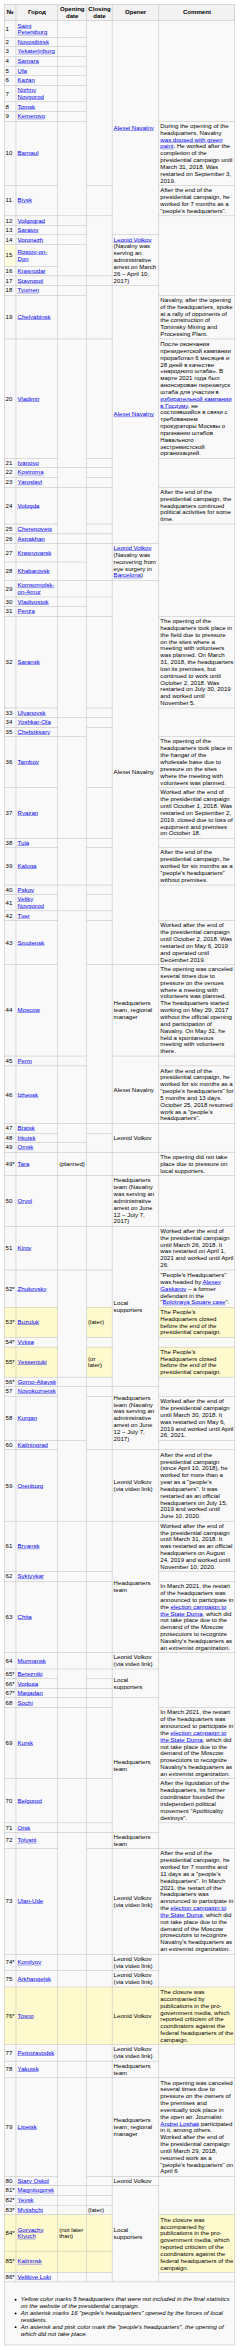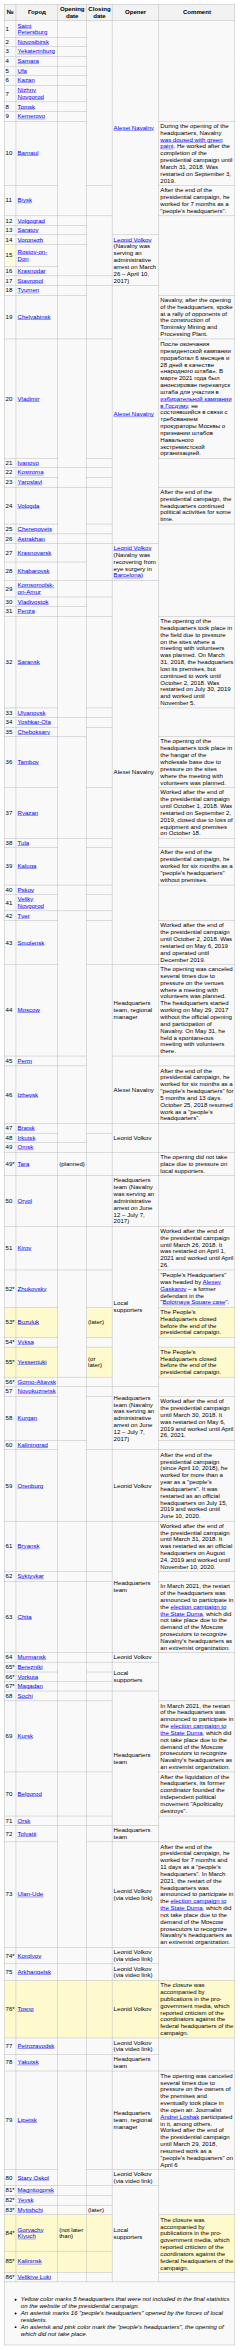 <table class="wikitable sortable collapsible">
 <tr>
 <th>№</th>
 <th>Город</th>
 <th>Opening date</th>
 <th>Closing date</th>
 <th>Opener</th>
 <th>Comment</th>
 </tr>
 <tr>
 <td>1</td>
 <td><a href='#'>Saint Petersburg</a></td>
 <td></td>
 <td rowspan="10"></td>
 <td rowspan="13"><a href='#'>Alexei Navalny</a></td>
 <td rowspan="9"></td>
 </tr>
 <tr>
 <td>2</td>
 <td><a href='#'>Novosibirsk</a></td>
 <td></td>
 </tr>
 <tr>
 <td>3</td>
 <td><a href='#'>Yekaterinburg</a></td>
 <td></td>
 </tr>
 <tr>
 <td>4</td>
 <td><a href='#'>Samara</a></td>
 <td></td>
 </tr>
 <tr>
 <td>5</td>
 <td><a href='#'>Ufa</a></td>
 <td></td>
 </tr>
 <tr>
 <td>6</td>
 <td><a href='#'>Kazan</a></td>
 <td></td>
 </tr>
 <tr>
 <td>7</td>
 <td><a href='#'>Nizhny Novgorod</a></td>
 <td></td>
 </tr>
 <tr>
 <td>8</td>
 <td><a href='#'>Tomsk</a></td>
 <td></td>
 </tr>
 <tr>
 <td>9</td>
 <td><a href='#'>Kemerovo</a></td>
 <td></td>
 </tr>
 <tr>
 <td>10</td>
 <td><a href='#'>Barnaul</a></td>
 <td rowspan="2"></td>
 <td>During the opening of the headquarters, Navalny <a href='#'>was doused with green paint</a>. He worked after the completion of the presidential campaign until March 31, 2018. Was restarted on September 3, 2019.</td>
 </tr>
 <tr>
 <td>11</td>
 <td><a href='#'>Biysk</a></td>
 <td></td>
 <td>After the end of the presidential campaign, he worked for 7 months as a "people's headquarters".</td>
 </tr>
 <tr>
 <td>12</td>
 <td><a href='#'>Volgograd</a></td>
 <td></td>
 <td rowspan="5"></td>
 <td rowspan="7"></td>
 </tr>
 <tr>
 <td>13</td>
 <td><a href='#'>Saratov</a></td>
 <td></td>
 </tr>
 <tr>
 <td>14</td>
 <td><a href='#'>Voronezh</a></td>
 <td></td>
 <td rowspan="4"><a href='#'>Leonid Volkov</a> (Navalny was serving an administrative arrest on March 26 – April 10, 2017)</td>
 </tr>
 <tr>
 <td style="background: lightyellow;">15</td>
 <td><a href='#'>Rostov-on-Don</a></td>
 <td rowspan="2"></td>
 </tr>
 <tr>
 <td>16</td>
 <td><a href='#'>Krasnodar</a></td>
 </tr>
 <tr>
 <td>17</td>
 <td><a href='#'>Stavropol</a></td>
 <td></td>
 <td></td>
 </tr>
 <tr>
 <td>18</td>
 <td><a href='#'>Tyumen</a></td>
 <td></td>
 <td rowspan="2"></td>
 <td rowspan="9"><a href='#'>Alexei Navalny</a></td>
 </tr>
 <tr>
 <td>19</td>
 <td><a href='#'>Chelyabinsk</a></td>
 <td></td>
 <td>Navalny, after the opening of the headquarters, spoke at a rally of opponents of the construction of Tominsky Mining and Processing Plant.</td>
 </tr>
 <tr>
 <td>20</td>
 <td><a href='#'>Vladimir</a></td>
 <td rowspan="2"></td>
 <td></td>
 <td>После окончания президентской кампании проработал 6 месяцев и 28 дней в качестве «народного штаба». В марте 2021 года был анонсирован перезапуск штаба для участия в <a href='#'>избирательной кампании в Госдуму</a>, не состоявшийся в связи с требованием прокураторы Москвы о признании штабов Навального экстремистской организацией.</td>
 </tr>
 <tr>
 <td>21</td>
 <td><a href='#'>Ivanovo</a></td>
 <td></td>
 <td rowspan="3"></td>
 </tr>
 <tr>
 <td>22</td>
 <td><a href='#'>Kostroma</a></td>
 <td rowspan="2"></td>
 <td></td>
 </tr>
 <tr>
 <td>23</td>
 <td><a href='#'>Yaroslavl</a></td>
 <td></td>
 </tr>
 <tr>
 <td>24</td>
 <td><a href='#'>Vologda</a></td>
 <td rowspan="2"></td>
 <td></td>
 <td>After the end of the presidential campaign, the headquarters continued political activities for some time.</td>
 </tr>
 <tr>
 <td>25</td>
 <td><a href='#'>Cherepovets</a></td>
 <td></td>
 <td rowspan="7"></td>
 </tr>
 <tr>
 <td>26</td>
 <td><a href='#'>Astrakhan</a></td>
 <td></td>
 <td></td>
 </tr>
 <tr>
 <td>27</td>
 <td><a href='#'>Krasnoyarsk</a></td>
 <td></td>
 <td rowspan="2"></td>
 <td rowspan="2"><a href='#'>Leonid Volkov</a> (Navalny was recovering from eye surgery in <a href='#'>Barcelona</a>)</td>
 </tr>
 <tr>
 <td>28</td>
 <td><a href='#'>Khabarovsk</a></td>
 <td></td>
 </tr>
 <tr>
 <td>29</td>
 <td><a href='#'>Komsomolsk-on-Amur</a></td>
 <td></td>
 <td></td>
 <td rowspan="15">Alexei Navalny</td>
 </tr>
 <tr>
 <td>30</td>
 <td><a href='#'>Vladivostok</a></td>
 <td></td>
 <td rowspan="2"></td>
 </tr>
 <tr>
 <td>31</td>
 <td><a href='#'>Penza</a></td>
 <td></td>
 </tr>
 <tr>
 <td>32</td>
 <td><a href='#'>Saransk</a></td>
 <td rowspan="2"></td>
 <td></td>
 <td>The opening of the headquarters took place in the field due to pressure on the sites where a meeting with volunteers was planned. On March 31, 2018, the headquarters lost its premises, but continued to work until October 2, 2018. Was restarted on July 30, 2019 and worked until November 5.</td>
 </tr>
 <tr>
 <td>33</td>
 <td><a href='#'>Ulyanovsk</a></td>
 <td></td>
 <td rowspan="3"></td>
 </tr>
 <tr>
 <td>34</td>
 <td><a href='#'>Yoshkar-Ola</a></td>
 <td rowspan="2"></td>
 <td></td>
 </tr>
 <tr>
 <td>35</td>
 <td><a href='#'>Cheboksary</a></td>
 <td rowspan="2"></td>
 </tr>
 <tr>
 <td>36</td>
 <td><a href='#'>Tambov</a></td>
 <td rowspan="2"></td>
 <td>The opening of the headquarters took place in the hangar of the wholesale base due to pressure on the sites where the meeting with volunteers was planned.</td>
 </tr>
 <tr>
 <td>37</td>
 <td><a href='#'>Ryazan</a></td>
 <td></td>
 <td>Worked after the end of the presidential campaign until October 1, 2018. Was restarted on September 2, 2019, closed due to loss of equipment and premises on October 18.</td>
 </tr>
 <tr>
 <td>38</td>
 <td><a href='#'>Tula</a></td>
 <td rowspan="2"></td>
 <td></td>
 <td></td>
 </tr>
 <tr>
 <td>39</td>
 <td><a href='#'>Kaluga</a></td>
 <td></td>
 <td>After the end of the presidential campaign, he worked for six months as a "people's headquarters" without premises.</td>
 </tr>
 <tr>
 <td>40</td>
 <td><a href='#'>Pskov</a></td>
 <td rowspan="2"></td>
 <td></td>
 <td rowspan="3"></td>
 </tr>
 <tr>
 <td>41</td>
 <td><a href='#'>Veliky Novgorod</a></td>
 <td></td>
 </tr>
 <tr>
 <td>42</td>
 <td><a href='#'>Tver</a></td>
 <td rowspan="3"></td>
 <td></td>
 </tr>
 <tr>
 <td>43</td>
 <td><a href='#'>Smolensk</a></td>
 <td></td>
 <td>Worked after the end of the presidential campaign until October 2, 2018. Was restarted on May 6, 2019 and operated until December 2019.</td>
 </tr>
 <tr>
 <td>44</td>
 <td><a href='#'>Moscow</a></td>
 <td rowspan="3"></td>
 <td>Headquarters team, regional manager</td>
 <td>The opening was canceled several times due to pressure on the venues where a meeting with volunteers was planned. The headquarters started working on May 29, 2017 without the official opening and participation of Navalny. On May 31, he held a spontaneous meeting with volunteers there.</td>
 </tr>
 <tr>
 <td>45</td>
 <td><a href='#'>Perm</a></td>
 <td></td>
 <td rowspan="2">Alexei Navalny</td>
 <td></td>
 </tr>
 <tr>
 <td>46</td>
 <td><a href='#'>Izhevsk</a></td>
 <td></td>
 <td>After the end of the presidential campaign, he worked for six months as a "people's headquarters" for 5 months and 13 days. October 25, 2018 resumed work as a "people's headquarters".</td>
 </tr>
 <tr>
 <td>47</td>
 <td><a href='#'>Bratsk</a></td>
 <td rowspan="2"></td>
 <td></td>
 <td rowspan="3">Leonid Volkov</td>
 <td rowspan="3"></td>
 </tr>
 <tr>
 <td>48</td>
 <td><a href='#'>Irkutsk</a></td>
 <td rowspan="2"></td>
 </tr>
 <tr>
 <td>49</td>
 <td><a href='#'>Omsk</a></td>
 <td></td>
 </tr>
 <tr -style="background-color:MistyRose">
 <td>49*</td>
 <td><a href='#'>Tara</a></td>
 <td> (planned)</td>
 <td></td>
 <td></td>
 <td>The opening did not take place due to pressure on local supporters.</td>
 </tr>
 <tr>
 <td>50</td>
 <td><a href='#'>Oryol</a></td>
 <td></td>
 <td></td>
 <td>Headquarters team (Navalny was serving an administrative arrest on June 12 – July 7, 2017)</td>
 <td></td>
 </tr>
 <tr>
 <td>51</td>
 <td><a href='#'>Kirov</a></td>
 <td></td>
 <td></td>
 <td rowspan="6">Local supporters</td>
 <td>Worked after the end of the presidential campaign until March 26, 2018. It was restarted on April 1, 2021 and worked until April 26.</td>
 </tr>
 <tr>
 <td>52*</td>
 <td><a href='#'>Zhukovsky</a></td>
 <td rowspan="4"></td>
 <td></td>
 <td>"People's Headquarters" was headed by <a href='#'>Alexey Gaskarov</a> – a former defendant in the "<a href='#'>Bolotnaya Square case</a>".</td>
 </tr>
 <tr style="background-color:LemonChiffon">
 <td>53*</td>
 <td><a href='#'>Buzuluk</a></td>
 <td> (later)</td>
 <td>The People's Headquarters closed before the end of the presidential campaign.</td>
 </tr>
 <tr>
 <td>54*</td>
 <td><a href='#'>Vyksa</a></td>
 <td></td>
 <td></td>
 </tr>
 <tr style="background-color:LemonChiffon">
 <td>55*</td>
 <td><a href='#'>Yessentuki</a></td>
 <td> (or later)</td>
 <td>The People's Headquarters closed before the end of the presidential campaign.</td>
 </tr>
 <tr>
 <td>56*</td>
 <td><a href='#'>Gorno-Altaysk</a></td>
 <td></td>
 <td></td>
 <td rowspan="2"></td>
 </tr>
 <tr>
 <td>57</td>
 <td><a href='#'>Novokuznetsk</a></td>
 <td rowspan="2"></td>
 <td></td>
 <td rowspan="3">Headquarters team (Navalny was serving an administrative arrest on June 12 – July 7, 2017)</td>
 </tr>
 <tr>
 <td>58</td>
 <td><a href='#'>Kurgan</a></td>
 <td rowspan="2"></td>
 <td>Worked after the end of the presidential campaign until March 30, 2018. It was restarted on May 6, 2019 and worked until April 26, 2021.</td>
 </tr>
 <tr>
 <td>60</td>
 <td><a href='#'>Kaliningrad</a></td>
 <td rowspan="2"></td>
 <td></td>
 </tr>
 <tr>
 <td>59</td>
 <td><a href='#'>Orenburg</a></td>
 <td></td>
-<td>Leonid Volkov (via video link)</td>
+<td>Leonid Volkov</td>
 <td>After the end of the presidential campaign (since April 10, 2018), he worked for more than a year as a "people's headquarters". It was restarted as an official headquarters on July 15, 2019 and worked until June 10, 2020.</td>
 </tr>
 <tr>
 <td>61</td>
 <td><a href='#'>Bryansk</a></td>
 <td></td>
 <td></td>
 <td rowspan="3">Headquarters team</td>
 <td>Worked after the end of the presidential campaign until March 31, 2018. It was restarted as an official headquarters on August 24, 2019 and worked until November 10, 2020.</td>
 </tr>
 <tr>
 <td>62</td>
 <td><a href='#'>Syktyvkar</a></td>
 <td></td>
 <td></td>
 <td></td>
 </tr>
 <tr>
 <td>63</td>
 <td><a href='#'>Chita</a></td>
 <td></td>
 <td></td>
 <td>In March 2021, the restart of the headquarters was announced to participate in the <a href='#'>election campaign to the State Duma</a>, which did not take place due to the demand of the Moscow prosecutors to recognize Navalny's headquarters as an extremist organization.</td>
 </tr>
 <tr>
 <td>64</td>
 <td><a href='#'>Murmansk</a></td>
 <td></td>
 <td></td>
-<td>Leonid Volkov (via video link)</td>
+<td>Leonid Volkov</td>
 <td rowspan="5"></td>
 </tr>
 <tr>
 <td>65*</td>
 <td><a href='#'>Berezniki</a></td>
 <td rowspan="2"></td>
 <td></td>
 <td rowspan="3">Local supporters</td>
 </tr>
 <tr>
 <td>66*</td>
 <td><a href='#'>Vorkuta</a></td>
 <td></td>
 </tr>
 <tr>
 <td>67*</td>
 <td><a href='#'>Magadan</a></td>
 <td></td>
 <td></td>
 </tr>
 <tr>
 <td>68</td>
 <td><a href='#'>Sochi</a></td>
 <td></td>
 <td></td>
 <td rowspan="4">Headquarters team</td>
 </tr>
 <tr>
 <td>69</td>
 <td><a href='#'>Kursk</a></td>
 <td></td>
 <td></td>
 <td>In March 2021, the restart of the headquarters was announced to participate in the <a href='#'>election campaign to the State Duma</a>, which did not take place due to the demand of the Moscow prosecutors to recognize Navalny's headquarters as an extremist organization.</td>
 </tr>
 <tr>
 <td>70</td>
 <td><a href='#'>Belgorod</a></td>
 <td></td>
 <td></td>
 <td>After the liquidation of the headquarters, its former coordinator founded the independent political movement "Apoliticality destroys".</td>
 </tr>
 <tr>
 <td>71</td>
 <td><a href='#'>Orsk</a></td>
 <td></td>
 <td></td>
 <td rowspan="2"></td>
 </tr>
 <tr>
 <td>72</td>
 <td><a href='#'>Tolyatti</a></td>
 <td rowspan="2"></td>
 <td></td>
 <td>Headquarters team</td>
 </tr>
 <tr>
 <td>73</td>
 <td><a href='#'>Ulan-Ude</a></td>
 <td></td>
 <td>Leonid Volkov (via video link)</td>
 <td>After the end of the presidential campaign, he worked for 7 months and 11 days as a "people's headquarters". In March 2021, the restart of the headquarters was announced to participate in the <a href='#'>election campaign to the State Duma</a>, which did not take place due to the demand of the Moscow prosecutors to recognize Navalny's headquarters as an extremist organization.</td>
 </tr>
 <tr>
 <td>74*</td>
 <td><a href='#'>Korolyov</a></td>
 <td></td>
 <td></td>
 <td>Leonid Volkov (via video link)</td>
 <td rowspan="2"></td>
 </tr>
 <tr>
 <td>75</td>
 <td><a href='#'>Arkhangelsk</a></td>
 <td></td>
 <td></td>
 <td>Leonid Volkov (via video link)</td>
 </tr>
 <tr style="background-color:LemonChiffon">
 <td>76*</td>
 <td><a href='#'>Tosno</a></td>
 <td></td>
 <td></td>
 <td>Leonid Volkov</td>
 <td>The closure was accompanied by publications in the pro-government media, which reported criticism of the coordinators against the federal headquarters of the campaign.</td>
 </tr>
 <tr>
 <td>77</td>
 <td><a href='#'>Petrozavodsk</a></td>
 <td></td>
 <td></td>
 <td>Leonid Volkov (via video link)</td>
 <td rowspan="2"></td>
 </tr>
 <tr>
 <td>78</td>
 <td><a href='#'>Yakutsk</a></td>
 <td></td>
 <td></td>
 <td>Headquarters team</td>
 </tr>
 <tr>
 <td>79</td>
 <td><a href='#'>Lipetsk</a></td>
 <td rowspan="2"></td>
 <td></td>
 <td>Headquarters team, regional manager</td>
 <td>The opening was canceled several times due to pressure on the owners of the premises and eventually took place in the open air. Journalist <a href='#'>Andrei Loshak</a> participated in it, among others. Worked after the end of the presidential campaign until March 29, 2018, resumed work as a "people's headquarters" on April 6</td>
 </tr>
 <tr>
 <td>80</td>
 <td><a href='#'>Stary Oskol</a></td>
 <td></td>
-<td>Leonid Volkov</td>
+<td>Leonid Volkov (via video link)</td>
 <td rowspan="4"></td>
 </tr>
 <tr>
 <td>81*</td>
 <td><a href='#'>Magnitogorsk</a></td>
 <td></td>
 <td></td>
 <td rowspan="6">Local supporters</td>
 </tr>
 <tr>
 <td>82*</td>
 <td><a href='#'>Yeysk</a></td>
 <td></td>
 <td></td>
 </tr>
 <tr>
 <td>83*</td>
 <td><a href='#'>Mytishchi</a></td>
 <td></td>
 <td> (later)</td>
 </tr>
 <tr style="background-color:LemonChiffon">
 <td>84*</td>
 <td><a href='#'>Goryachy Klyuch</a></td>
 <td> (not later than)</td>
 <td></td>
 <td rowspan="2">The closure was accompanied by publications in the pro-government media, which reported criticism of the coordinators against the federal headquarters of the campaign.</td>
 </tr>
 <tr style="background-color:LemonChiffon">
 <td>85*</td>
 <td><a href='#'>Kalininsk</a></td>
 <td></td>
 <td></td>
 </tr>
 <tr>
 <td>86*</td>
 <td><a href='#'>Velikiye Luki</a></td>
 <td></td>
 <td></td>
 <td></td>
 </tr>
 <tr class="sortbottom">
 <td colspan="6"><br><ul><li><em><span>Yellow color</span> marks 5 headquarters that were not included in the final statistics on the website of the presidential campaign.</em></li><li><em>An asterisk marks 16 "people's headquarters" opened by the forces of local residents.</em></li><li><em>An asterisk and <span>pink color</span> mark the "people's headquarters", the opening of which did not take place.</em></li></ul></td>
 </tr>
 </table>
